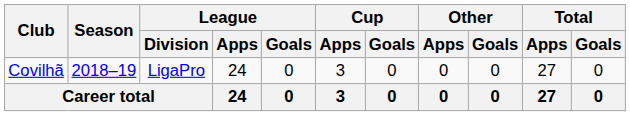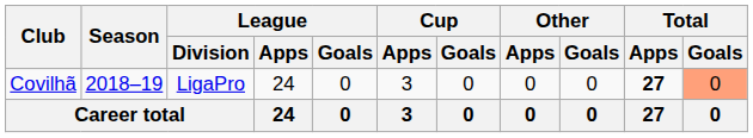 <table class="wikitable" style="text-align: center">
 <tr>
 <th rowspan="2">Club</th>
 <th rowspan="2">Season</th>
 <th colspan="3">League</th>
 <th colspan="2">Cup</th>
 <th colspan="2">Other</th>
 <th colspan="2">Total</th>
 </tr>
 <tr>
 <th>Division</th>
 <th>Apps</th>
 <th>Goals</th>
 <th>Apps</th>
 <th>Goals</th>
 <th>Apps</th>
 <th>Goals</th>
 <th>Apps</th>
 <th>Goals</th>
 </tr>
 <tr>
 <td><a href='#'>Covilhã</a></td>
 <td><a href='#'>2018–19</a></td>
 <td><a href='#'>LigaPro</a></td>
 <td>24</td>
 <td>0</td>
 <td>3</td>
 <td>0</td>
 <td>0</td>
 <td>0</td>
-<td>27</td>
-<td>0</td>
+<td><strong>27</strong></td>
+<td style="background: lightsalmon;">0</td>
 </tr>
 <tr>
 <th colspan="3"><strong>Career total</strong></th>
 <th>24</th>
 <th>0</th>
 <th>3</th>
 <th>0</th>
 <th>0</th>
 <th>0</th>
 <th>27</th>
 <th>0</th>
 </tr>
 </table>
